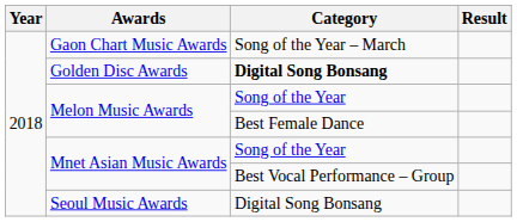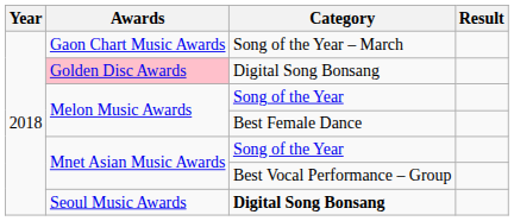 <table class="wikitable plainrowheaders sortable">
 <tr>
 <th>Year</th>
 <th>Awards</th>
 <th>Category</th>
 <th>Result</th>
 </tr>
 <tr>
 <td rowspan="7">2018</td>
 <td><a href='#'>Gaon Chart Music Awards</a></td>
 <td>Song of the Year – March</td>
 <td></td>
 </tr>
 <tr>
-<td><a href='#'>Golden Disc Awards</a></td>
-<td><strong>Digital Song Bonsang</strong></td>
+<td style="background: pink;"><a href='#'>Golden Disc Awards</a></td>
+<td>Digital Song Bonsang</td>
 <td></td>
 </tr>
 <tr>
 <td rowspan="2"><a href='#'>Melon Music Awards</a></td>
 <td><a href='#'>Song of the Year</a></td>
 <td></td>
 </tr>
 <tr>
 <td>Best Female Dance</td>
 <td></td>
 </tr>
 <tr>
 <td rowspan="2"><a href='#'>Mnet Asian Music Awards</a></td>
 <td><a href='#'>Song of the Year</a></td>
 <td></td>
 </tr>
 <tr>
 <td>Best Vocal Performance – Group</td>
 <td></td>
 </tr>
 <tr>
 <td><a href='#'>Seoul Music Awards</a></td>
-<td>Digital Song Bonsang</td>
+<td><strong>Digital Song Bonsang</strong></td>
 <td></td>
 </tr>
 </table>
